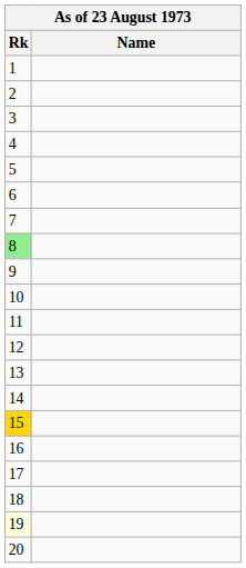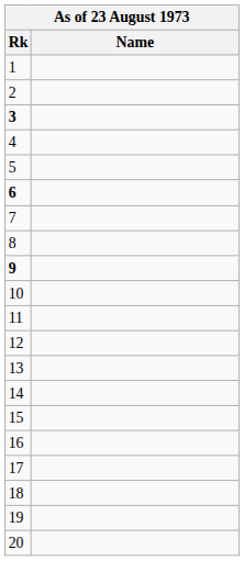 <table class="wikitable" style="font-size:95%">
 <tr>
 <th colspan="3">As of 23 August 1973</th>
 </tr>
 <tr>
 <th>Rk</th>
 <th width="200">Name</th>
 </tr>
 <tr>
 <td>1</td>
 <td></td>
 </tr>
 <tr>
 <td>2</td>
 <td></td>
 </tr>
 <tr>
-<td>3</td>
+<td><strong>3</strong></td>
 <td></td>
 </tr>
 <tr>
 <td>4</td>
 <td></td>
 </tr>
 <tr>
 <td>5</td>
 <td></td>
 </tr>
 <tr>
-<td>6</td>
+<td><strong>6</strong></td>
 <td></td>
 </tr>
 <tr>
 <td>7</td>
 <td></td>
 </tr>
 <tr>
-<td style="background: lightgreen;">8</td>
+<td>8</td>
 <td></td>
 </tr>
 <tr>
-<td>9</td>
+<td><strong>9</strong></td>
 <td></td>
 </tr>
 <tr>
 <td>10</td>
 <td></td>
 </tr>
 <tr>
 <td>11</td>
 <td></td>
 </tr>
 <tr>
 <td>12</td>
 <td></td>
 </tr>
 <tr>
 <td>13</td>
 <td></td>
 </tr>
 <tr>
 <td>14</td>
 <td></td>
 </tr>
 <tr>
-<td style="background: gold;">15</td>
+<td>15</td>
 <td></td>
 </tr>
 <tr>
 <td>16</td>
 <td></td>
 </tr>
 <tr>
 <td>17</td>
 <td></td>
 </tr>
 <tr>
 <td>18</td>
 <td></td>
 </tr>
 <tr>
-<td style="background: lightyellow;">19</td>
+<td>19</td>
 <td></td>
 </tr>
 <tr>
 <td>20</td>
 <td></td>
 </tr>
 </table>
